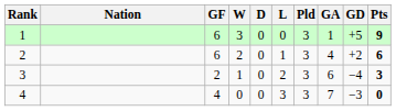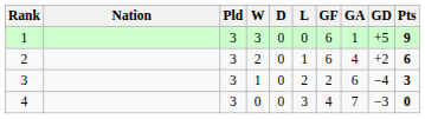 <table class="wikitable" style="text-align: center;">
 <tr>
 <th width=5>Rank</th>
 <th width=200>Nation</th>
-<th width=20>GF</th>
+<th width=20>Pld</th>
 <th width=20>W</th>
 <th width=20>D</th>
 <th width=20>L</th>
-<th width=20>Pld</th>
+<th width=20>GF</th>
 <th width=20>GA</th>
 <th width=20>GD</th>
 <th width=20>Pts</th>
 </tr>
 <tr style="background:#ccffcc">
 <td>1</td>
 <td style="text-align:left"></td>
-<td>6</td>
+<td>3</td>
 <td>3</td>
 <td>0</td>
 <td>0</td>
-<td>3</td>
+<td>6</td>
 <td>1</td>
 <td>+5</td>
 <td><strong>9</strong></td>
 </tr>
 <tr>
 <td>2</td>
 <td style="text-align:left"></td>
-<td>6</td>
+<td>3</td>
 <td>2</td>
 <td>0</td>
 <td>1</td>
-<td>3</td>
+<td>6</td>
 <td>4</td>
 <td>+2</td>
 <td><strong>6</strong></td>
 </tr>
 <tr>
 <td>3</td>
 <td style="text-align:left"></td>
-<td>2</td>
+<td>3</td>
 <td>1</td>
 <td>0</td>
 <td>2</td>
-<td>3</td>
+<td>2</td>
 <td>6</td>
 <td>−4</td>
 <td><strong>3</strong></td>
 </tr>
 <tr>
 <td>4</td>
 <td style="text-align:left"></td>
-<td>4</td>
+<td>3</td>
 <td>0</td>
 <td>0</td>
 <td>3</td>
-<td>3</td>
+<td>4</td>
 <td>7</td>
 <td>−3</td>
 <td><strong>0</strong></td>
 </tr>
 </table>
